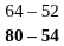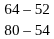 <table style="text-align:center;">
 <tr>
 <th width=200></th>
 <th width=100></th>
 <th width=200></th>
 <th></th>
 </tr>
 <tr>
 <td align=right><strong></strong></td>
 <td>64 – 52</td>
 <td align=left></td>
 </tr>
 <tr>
 <td align=right><strong></strong></td>
-<td><strong>80 – 54</strong></td>
+<td>80 – 54</td>
 <td align=left></td>
 </tr>
 </table>
